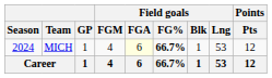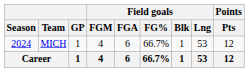 <table class="wikitable" style="text-align:center;">
 <tr>
 <th colspan=3></th>
 <th colspan=5>Field goals</th>
 <th>Points</th>
 </tr>
 <tr>
 <th>Season</th>
 <th>Team</th>
 <th>GP</th>
 <th>FGM</th>
 <th>FGA</th>
 <th>FG%</th>
 <th>Blk</th>
 <th>Lng</th>
 <th>Pts</th>
 </tr>
 <tr>
 <td><a href='#'>2024</a></td>
 <td><a href='#'>MICH</a></td>
 <td>1</td>
 <td>4</td>
-<td style="background: lightyellow;">6</td>
-<td><strong>66.7%</strong></td>
+<td>6</td>
+<td>66.7%</td>
 <td>1</td>
 <td>53</td>
 <td>12</td>
 </tr>
 <tr>
 <th colspan="2">Career</th>
 <th>1</th>
 <th>4</th>
 <th>6</th>
 <th>66.7%</th>
 <th>1</th>
 <th>53</th>
 <th>12</th>
 </tr>
 </table>
